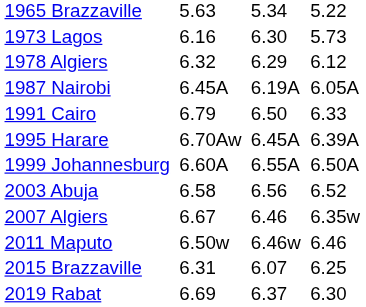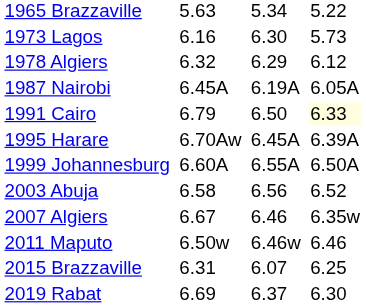 <table>
 <tr valign="top">
 <td><a href='#'>1965 Brazzaville</a><br></td>
 <td></td>
 <td>5.63</td>
 <td></td>
 <td>5.34</td>
 <td></td>
 <td>5.22</td>
 </tr>
 <tr valign="top">
 <td><a href='#'>1973 Lagos</a><br></td>
 <td></td>
 <td>6.16</td>
 <td></td>
 <td>6.30</td>
 <td></td>
 <td>5.73</td>
 </tr>
 <tr valign="top">
 <td><a href='#'>1978 Algiers</a><br></td>
 <td></td>
 <td>6.32</td>
 <td></td>
 <td>6.29</td>
 <td></td>
 <td>6.12</td>
 </tr>
 <tr valign="top">
 <td><a href='#'>1987 Nairobi</a><br></td>
 <td></td>
 <td>6.45A</td>
 <td></td>
 <td>6.19A</td>
 <td></td>
 <td>6.05A</td>
 </tr>
 <tr valign="top">
 <td><a href='#'>1991 Cairo</a><br></td>
 <td></td>
 <td>6.79</td>
 <td></td>
 <td>6.50</td>
 <td></td>
-<td>6.33</td>
+<td style="background: lightyellow;">6.33</td>
 </tr>
 <tr valign="top">
 <td><a href='#'>1995 Harare</a><br></td>
 <td></td>
 <td>6.70Aw</td>
 <td></td>
 <td>6.45A</td>
 <td></td>
 <td>6.39A</td>
 </tr>
 <tr valign="top">
 <td><a href='#'>1999 Johannesburg</a><br></td>
 <td></td>
 <td>6.60A</td>
 <td></td>
 <td>6.55A</td>
 <td></td>
 <td>6.50A</td>
 </tr>
 <tr valign="top">
 <td><a href='#'>2003 Abuja</a><br></td>
 <td></td>
 <td>6.58</td>
 <td></td>
 <td>6.56</td>
 <td></td>
 <td>6.52</td>
 </tr>
 <tr valign="top">
 <td><a href='#'>2007 Algiers</a><br></td>
 <td></td>
 <td>6.67</td>
 <td></td>
 <td>6.46</td>
 <td></td>
 <td>6.35w</td>
 </tr>
 <tr valign="top">
 <td><a href='#'>2011 Maputo</a><br></td>
 <td></td>
 <td>6.50w</td>
 <td></td>
 <td>6.46w</td>
 <td></td>
 <td>6.46</td>
 </tr>
 <tr valign="top">
 <td><a href='#'>2015 Brazzaville</a><br></td>
 <td></td>
 <td>6.31</td>
 <td></td>
 <td>6.07</td>
 <td></td>
 <td>6.25</td>
 </tr>
 <tr valign="top">
 <td><a href='#'>2019 Rabat</a><br></td>
 <td></td>
 <td>6.69</td>
 <td></td>
 <td>6.37</td>
 <td></td>
 <td>6.30</td>
 </tr>
 </table>
